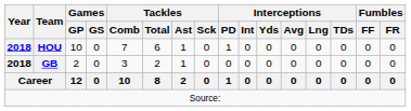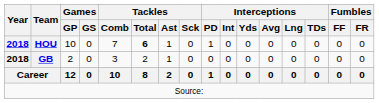 <table class="wikitable" style="text-align: center;">
 <tr>
 <th rowspan="2">Year</th>
 <th rowspan="2">Team</th>
 <th colspan="2">Games</th>
 <th colspan="4">Tackles</th>
 <th colspan="6">Interceptions</th>
 <th colspan="2">Fumbles</th>
 </tr>
 <tr>
 <th>GP</th>
 <th>GS</th>
 <th>Comb</th>
 <th>Total</th>
 <th>Ast</th>
 <th>Sck</th>
 <th>PD</th>
 <th>Int</th>
 <th>Yds</th>
 <th>Avg</th>
 <th>Lng</th>
 <th>TDs</th>
 <th>FF</th>
 <th>FR</th>
 </tr>
 <tr>
 <th><a href='#'>2018</a></th>
 <th><a href='#'>HOU</a></th>
 <td>10</td>
 <td>0</td>
 <td>7</td>
-<td>6</td>
+<td><strong>6</strong></td>
 <td>1</td>
 <td>0</td>
 <td>1</td>
 <td>0</td>
 <td>0</td>
 <td>0</td>
 <td>0</td>
 <td>0</td>
 <td>0</td>
 <td>0</td>
 </tr>
 <tr>
 <th>2018</th>
 <th><a href='#'>GB</a></th>
 <td>2</td>
 <td>0</td>
 <td>3</td>
 <td>2</td>
 <td>1</td>
 <td>0</td>
 <td>0</td>
 <td>0</td>
 <td>0</td>
 <td>0</td>
 <td>0</td>
 <td>0</td>
 <td>0</td>
 <td>0</td>
 </tr>
 <tr>
 <th colspan="2">Career</th>
 <th>12</th>
 <th>0</th>
 <th>10</th>
 <th>8</th>
 <th>2</th>
 <th>0</th>
 <th>1</th>
 <th>0</th>
 <th>0</th>
 <th>0</th>
 <th>0</th>
 <th>0</th>
 <th>0</th>
 <th>0</th>
 </tr>
 <tr>
 <td colspan="17"><small>Source: </small></td>
 </tr>
 </table>
